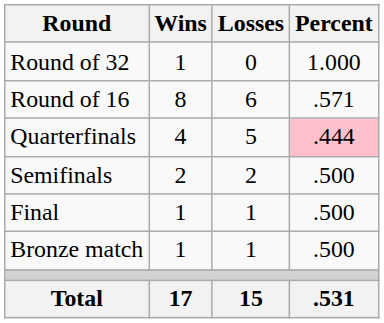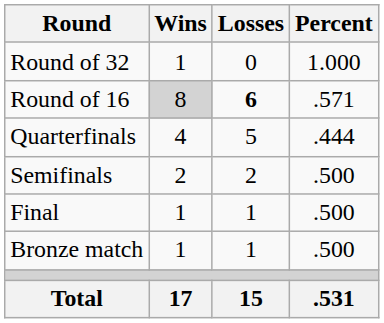 <table class=wikitable>
 <tr>
 <th>Round</th>
 <th>Wins</th>
 <th>Losses</th>
 <th>Percent</th>
 </tr>
 <tr align=center>
 <td align=left>Round of 32</td>
 <td>1</td>
 <td>0</td>
 <td>1.000</td>
 </tr>
 <tr align=center>
 <td align=left>Round of 16</td>
-<td>8</td>
-<td>6</td>
+<td style="background: lightgrey;">8</td>
+<td><strong>6</strong></td>
 <td>.571</td>
 </tr>
 <tr align=center>
 <td align=left>Quarterfinals</td>
 <td>4</td>
 <td>5</td>
-<td style="background: pink;">.444</td>
+<td>.444</td>
 </tr>
 <tr align=center>
 <td align=left>Semifinals</td>
 <td>2</td>
 <td>2</td>
 <td>.500</td>
 </tr>
 <tr align=center>
 <td align=left>Final</td>
 <td>1</td>
 <td>1</td>
 <td>.500</td>
 </tr>
 <tr align=center>
 <td align=left>Bronze match</td>
 <td>1</td>
 <td>1</td>
 <td>.500</td>
 </tr>
 <tr>
 <td colspan=4 bgcolor=lightgray></td>
 </tr>
 <tr>
 <th>Total</th>
 <th>17</th>
 <th>15</th>
 <th>.531</th>
 </tr>
 </table>
